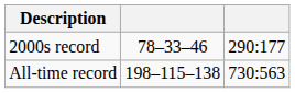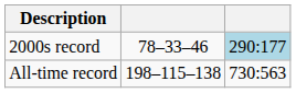 <table class="wikitable">
 <tr>
 <th>Description</th>
 <th></th>
 <th></th>
 </tr>
 <tr>
 <td>2000s record</td>
 <td align="center">78–33–46</td>
-<td align="center">290:177</td>
+<td align="center" style="background: lightblue;">290:177</td>
 </tr>
 <tr>
 <td>All-time record</td>
 <td align="center">198–115–138</td>
 <td align="center">730:563</td>
 </tr>
 </table>
